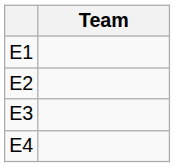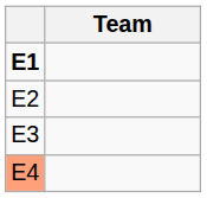 <table class="wikitable" style="display:inline-table;float:left;">
 <tr>
 <th></th>
 <th width=100>Team</th>
 </tr>
 <tr>
-<td align=center>E1</td>
+<td align=center><strong>E1</strong></td>
 <td></td>
 </tr>
 <tr>
 <td align=center>E2</td>
 <td></td>
 </tr>
 <tr>
 <td align=center>E3</td>
 <td></td>
 </tr>
 <tr>
-<td align=center>E4</td>
+<td align=center style="background: lightsalmon;">E4</td>
 <td></td>
 </tr>
 </table>
